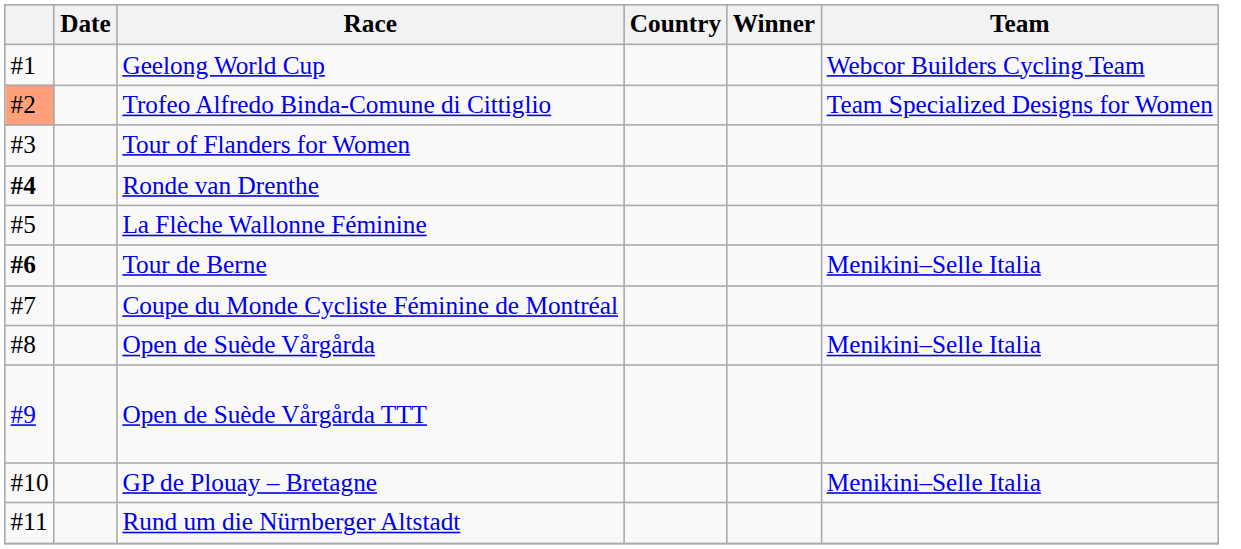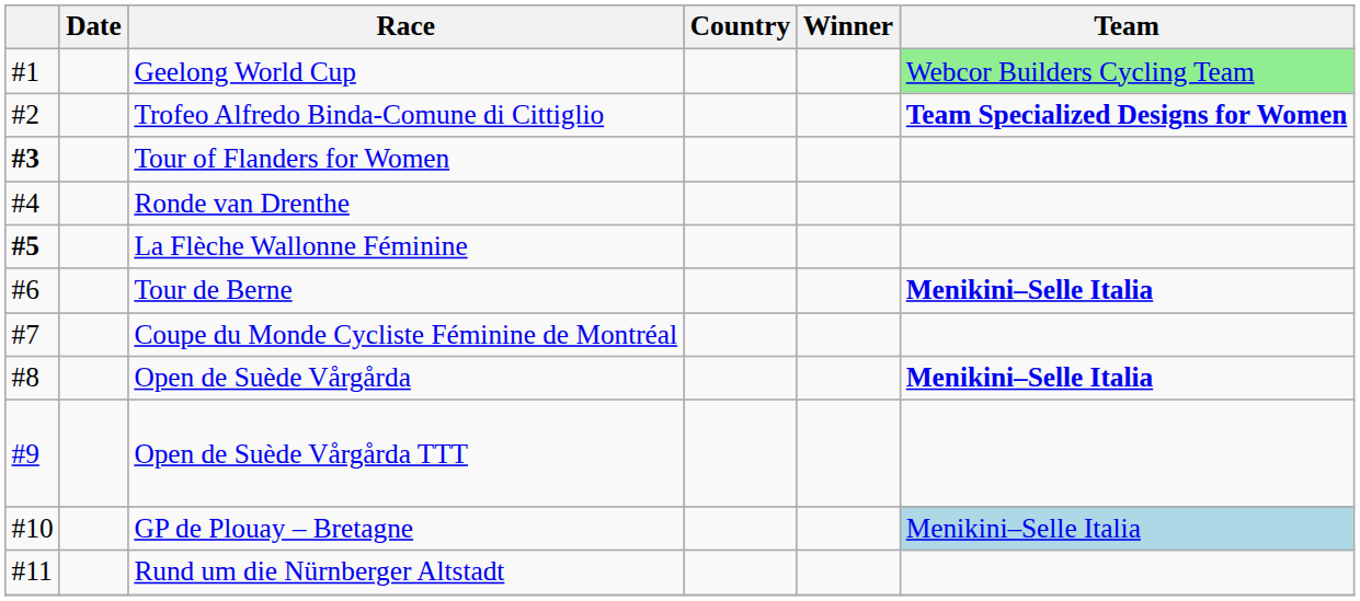 <table class="wikitable sortable">
 <tr style="background:#ccccff;">
 <th></th>
 <th>Date</th>
 <th>Race</th>
 <th>Country</th>
 <th>Winner</th>
 <th>Team</th>
 </tr>
 <tr>
 <td>#1</td>
 <td></td>
 <td><a href='#'>Geelong World Cup</a></td>
 <td></td>
 <td></td>
-<td><a href='#'>Webcor Builders Cycling Team</a></td>
+<td style="background: lightgreen;"><a href='#'>Webcor Builders Cycling Team</a></td>
 </tr>
 <tr>
-<td style="background: lightsalmon;">#2</td>
+<td>#2</td>
 <td></td>
 <td><a href='#'>Trofeo Alfredo Binda-Comune di Cittiglio</a></td>
 <td></td>
 <td></td>
-<td><a href='#'>Team Specialized Designs for Women</a></td>
+<td><strong><a href='#'>Team Specialized Designs for Women</a></strong></td>
 </tr>
 <tr>
-<td>#3</td>
+<td><strong>#3</strong></td>
 <td></td>
 <td><a href='#'>Tour of Flanders for Women</a></td>
 <td></td>
 <td></td>
 <td></td>
 </tr>
 <tr>
-<td><strong>#4</strong></td>
+<td>#4</td>
 <td></td>
 <td><a href='#'>Ronde van Drenthe</a></td>
 <td></td>
 <td></td>
 <td></td>
 </tr>
 <tr>
-<td>#5</td>
+<td><strong>#5</strong></td>
 <td></td>
 <td><a href='#'>La Flèche Wallonne Féminine</a></td>
 <td></td>
 <td></td>
 <td></td>
 </tr>
 <tr>
-<td><strong>#6</strong></td>
+<td>#6</td>
 <td></td>
 <td><a href='#'>Tour de Berne</a></td>
 <td></td>
 <td></td>
-<td><a href='#'>Menikini–Selle Italia</a></td>
+<td><strong><a href='#'>Menikini–Selle Italia</a></strong></td>
 </tr>
 <tr>
 <td>#7</td>
 <td></td>
 <td><a href='#'>Coupe du Monde Cycliste Féminine de Montréal</a></td>
 <td></td>
 <td></td>
 <td></td>
 </tr>
 <tr>
 <td>#8</td>
 <td></td>
 <td><a href='#'>Open de Suède Vårgårda</a></td>
 <td></td>
 <td></td>
-<td><a href='#'>Menikini–Selle Italia</a></td>
+<td><strong><a href='#'>Menikini–Selle Italia</a></strong></td>
 </tr>
 <tr>
 <td><a href='#'>#9</a></td>
 <td></td>
 <td><a href='#'>Open de Suède Vårgårda TTT</a></td>
 <td></td>
 <td><br> <br> <br> </td>
 <td></td>
 </tr>
 <tr>
 <td>#10</td>
 <td></td>
 <td><a href='#'>GP de Plouay – Bretagne</a></td>
 <td></td>
 <td></td>
-<td><a href='#'>Menikini–Selle Italia</a></td>
+<td style="background: lightblue;"><a href='#'>Menikini–Selle Italia</a></td>
 </tr>
 <tr>
 <td>#11</td>
 <td></td>
 <td><a href='#'>Rund um die Nürnberger Altstadt</a></td>
 <td></td>
 <td></td>
 <td></td>
 </tr>
 <tr>
 </tr>
 </table>
